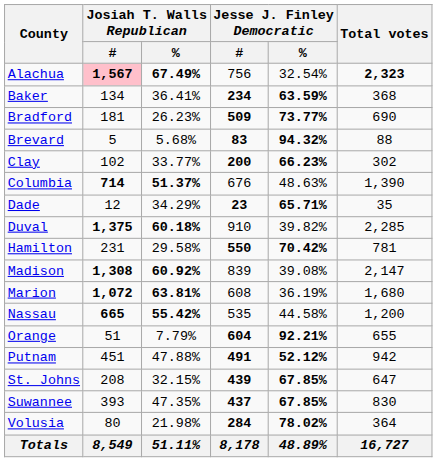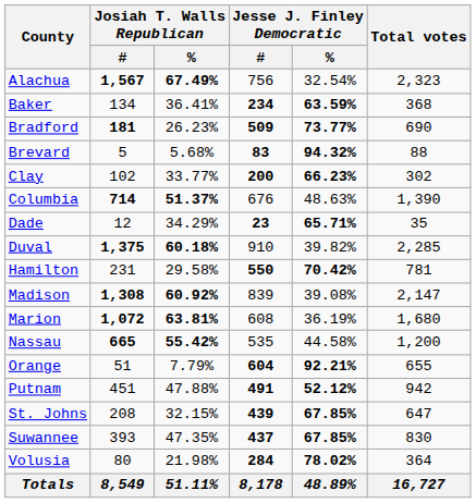 <table class="wikitable sortable">
 <tr>
 <th rowspan="2">County</th>
 <th colspan="2" style="text-align: center;" >Josiah T. Walls <br> <em>Republican</em></th>
 <th colspan="2" style="text-align: center;" >Jesse J. Finley <br><em>Democratic</em></th>
 <th rowspan="2">Total votes</th>
 </tr>
 <tr>
 <th colspan="1" style="text-align: center;" >#</th>
 <th colspan="1" style="text-align: center;" >%</th>
 <th colspan="1" style="text-align: center;" >#</th>
 <th colspan="1" style="text-align: center;" >%</th>
 </tr>
 <tr>
 <td><a href='#'>Alachua</a></td>
-<td align="center" style="background: pink;"><strong>1,567</strong></td>
+<td align="center"><strong>1,567</strong></td>
 <td align="center"><strong>67.49%</strong></td>
 <td align="center">756</td>
 <td align="center">32.54%</td>
-<td align="center"><strong>2,323</strong></td>
+<td align="center">2,323</td>
 </tr>
 <tr>
 <td><a href='#'>Baker</a></td>
 <td align="center">134</td>
 <td align="center">36.41%</td>
 <td align="center"><strong>234</strong></td>
 <td align="center"><strong>63.59%</strong></td>
 <td align="center">368</td>
 </tr>
 <tr>
 <td><a href='#'>Bradford</a></td>
-<td align="center">181</td>
+<td align="center"><strong>181</strong></td>
 <td align="center">26.23%</td>
 <td align="center"><strong>509</strong></td>
 <td align="center"><strong>73.77%</strong></td>
 <td align="center">690</td>
 </tr>
 <tr>
 <td><a href='#'>Brevard</a></td>
 <td align="center">5</td>
 <td align="center">5.68%</td>
 <td align="center"><strong>83</strong></td>
 <td align="center"><strong>94.32%</strong></td>
 <td align="center">88</td>
 </tr>
 <tr>
 <td><a href='#'>Clay</a></td>
 <td align="center">102</td>
 <td align="center">33.77%</td>
 <td align="center"><strong>200</strong></td>
 <td align="center"><strong>66.23%</strong></td>
 <td align="center">302</td>
 </tr>
 <tr>
 <td><a href='#'>Columbia</a></td>
 <td align="center"><strong>714</strong></td>
 <td align="center"><strong>51.37%</strong></td>
 <td align="center">676</td>
 <td align="center">48.63%</td>
 <td align="center">1,390</td>
 </tr>
 <tr>
 <td><a href='#'>Dade</a></td>
 <td align="center">12</td>
 <td align="center">34.29%</td>
 <td align="center"><strong>23</strong></td>
 <td align="center"><strong>65.71%</strong></td>
 <td align="center">35</td>
 </tr>
 <tr>
 <td><a href='#'>Duval</a></td>
 <td align="center"><strong>1,375</strong></td>
 <td align="center"><strong>60.18%</strong></td>
 <td align="center">910</td>
 <td align="center">39.82%</td>
 <td align="center">2,285</td>
 </tr>
 <tr>
 <td><a href='#'>Hamilton</a></td>
 <td align="center">231</td>
 <td align="center">29.58%</td>
 <td align="center"><strong>550</strong></td>
 <td align="center"><strong>70.42%</strong></td>
 <td align="center">781</td>
 </tr>
 <tr>
 <td><a href='#'>Madison</a></td>
 <td align="center"><strong>1,308</strong></td>
 <td align="center"><strong>60.92%</strong></td>
 <td align="center">839</td>
 <td align="center">39.08%</td>
 <td align="center">2,147</td>
 </tr>
 <tr>
 <td><a href='#'>Marion</a></td>
 <td align="center"><strong>1,072</strong></td>
 <td align="center"><strong>63.81%</strong></td>
 <td align="center">608</td>
 <td align="center">36.19%</td>
 <td align="center">1,680</td>
 </tr>
 <tr>
 <td><a href='#'>Nassau</a></td>
 <td align="center"><strong>665</strong></td>
 <td align="center"><strong>55.42%</strong></td>
 <td align="center">535</td>
 <td align="center">44.58%</td>
 <td align="center">1,200</td>
 </tr>
 <tr>
 <td><a href='#'>Orange</a></td>
 <td align="center">51</td>
 <td align="center">7.79%</td>
 <td align="center"><strong>604</strong></td>
 <td align="center"><strong>92.21%</strong></td>
 <td align="center">655</td>
 </tr>
 <tr>
 <td><a href='#'>Putnam</a></td>
 <td align="center">451</td>
 <td align="center">47.88%</td>
 <td align="center"><strong>491</strong></td>
 <td align="center"><strong>52.12%</strong></td>
 <td align="center">942</td>
 </tr>
 <tr>
 <td><a href='#'>St. Johns</a></td>
 <td align="center">208</td>
 <td align="center">32.15%</td>
 <td align="center"><strong>439</strong></td>
 <td align="center"><strong>67.85%</strong></td>
 <td align="center">647</td>
 </tr>
 <tr>
 <td><a href='#'>Suwannee</a></td>
 <td align="center">393</td>
 <td align="center">47.35%</td>
 <td align="center"><strong>437</strong></td>
 <td align="center"><strong>67.85%</strong></td>
 <td align="center">830</td>
 </tr>
 <tr>
 <td><a href='#'>Volusia</a></td>
 <td align="center">80</td>
 <td align="center">21.98%</td>
 <td align="center"><strong>284</strong></td>
 <td align="center"><strong>78.02%</strong></td>
 <td align="center">364</td>
 </tr>
 <tr>
 <th><em>Totals</em></th>
 <th><em>8,549</em></th>
 <th><em>51.11%</em></th>
 <th><em>8,178</em></th>
 <th><em>48.89%</em></th>
 <th><em>16,727</em></th>
 </tr>
 </table>
